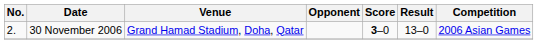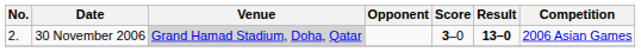 <table class="wikitable">
 <tr>
 <th>No.</th>
 <th>Date</th>
 <th>Venue</th>
 <th>Opponent</th>
 <th>Score</th>
 <th>Result</th>
 <th>Competition</th>
 </tr>
 <tr>
 <td>2.</td>
 <td>30 November 2006</td>
-<td><a href='#'>Grand Hamad Stadium</a>, <a href='#'>Doha</a>, <a href='#'>Qatar</a></td>
+<td style="background: lightgrey;"><a href='#'>Grand Hamad Stadium</a>, <a href='#'>Doha</a>, <a href='#'>Qatar</a></td>
 <td></td>
 <td align=center><strong>3</strong>–0</td>
-<td align=center>13–0</td>
+<td align=center><strong>13–0</strong></td>
 <td><a href='#'>2006 Asian Games</a></td>
 </tr>
 <tr>
 </tr>
 </table>
